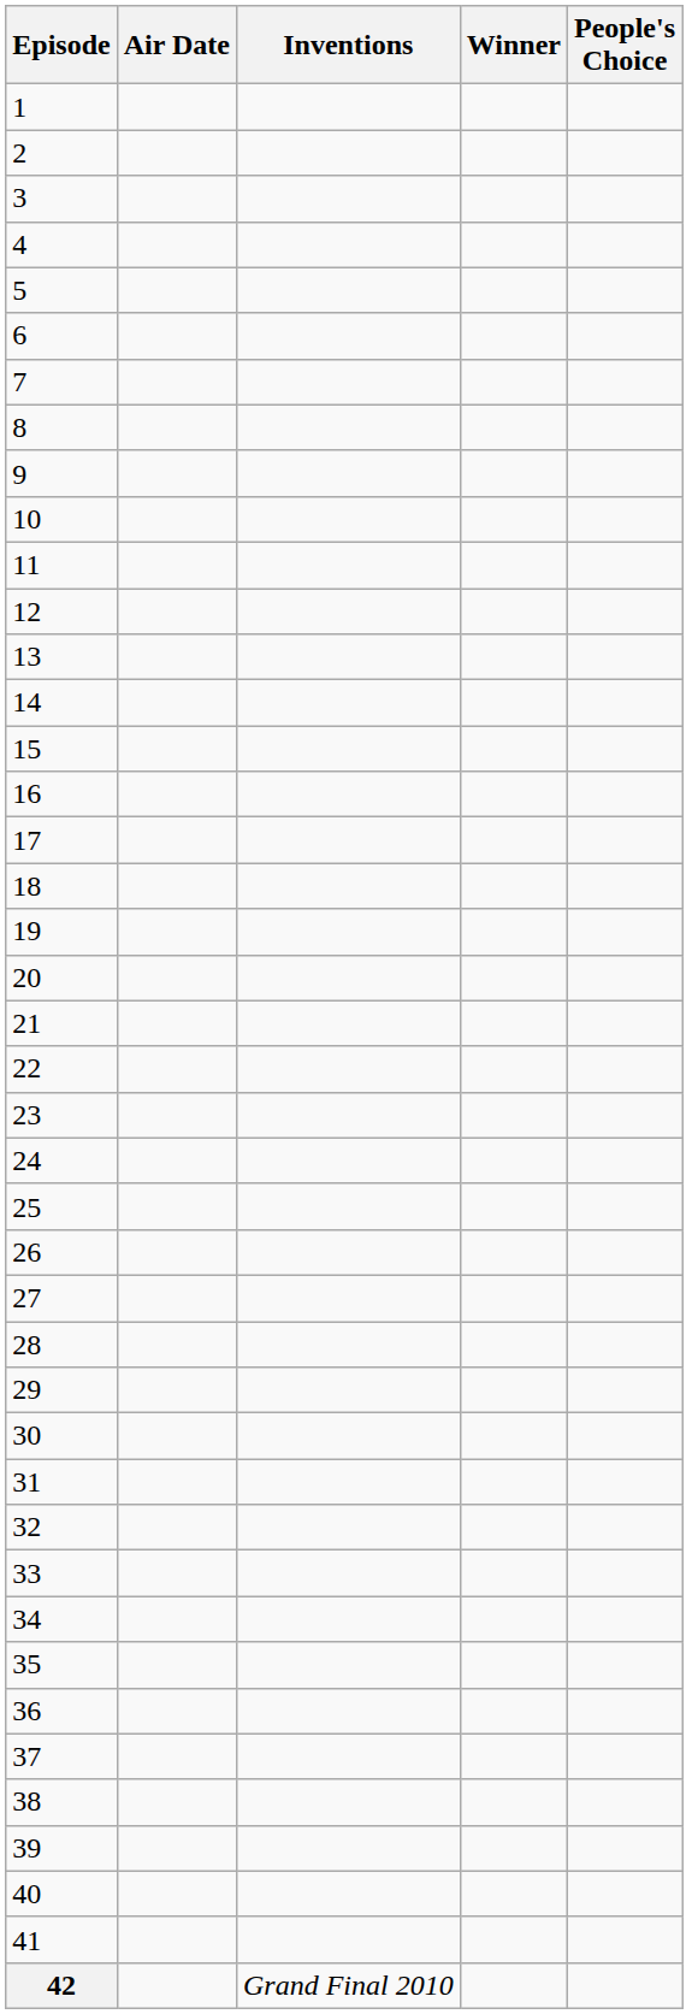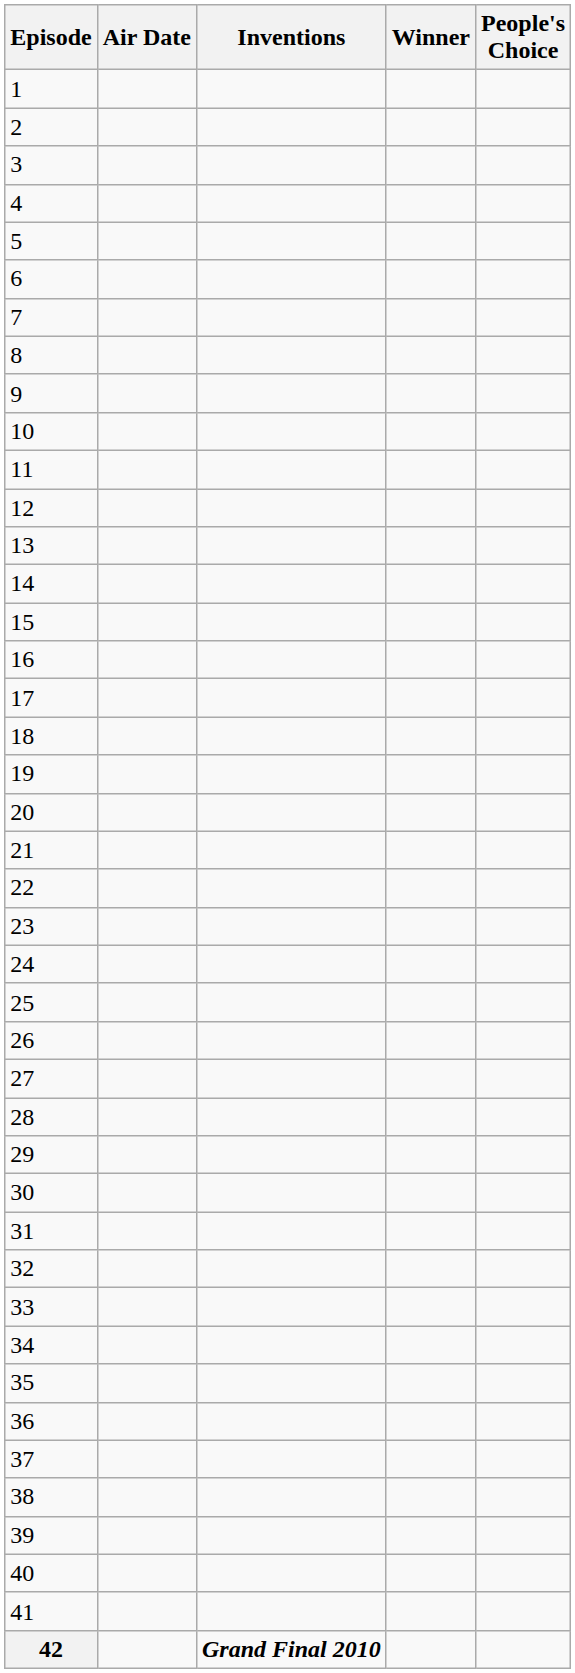 <table class="wikitable">
 <tr>
 <th>Episode</th>
 <th>Air Date</th>
 <th>Inventions</th>
 <th>Winner</th>
 <th>People's<br>Choice</th>
 </tr>
 <tr>
 <td>1</td>
 <td></td>
 <td></td>
 <td></td>
 <td></td>
 </tr>
 <tr>
 <td>2</td>
 <td></td>
 <td></td>
 <td></td>
 <td></td>
 </tr>
 <tr>
 <td>3</td>
 <td></td>
 <td></td>
 <td></td>
 <td></td>
 </tr>
 <tr>
 <td>4</td>
 <td></td>
 <td></td>
 <td></td>
 <td></td>
 </tr>
 <tr>
 <td>5</td>
 <td></td>
 <td></td>
 <td></td>
 <td></td>
 </tr>
 <tr>
 <td>6</td>
 <td></td>
 <td></td>
 <td></td>
 <td></td>
 </tr>
 <tr>
 <td>7</td>
 <td></td>
 <td></td>
 <td></td>
 <td></td>
 </tr>
 <tr>
 <td>8</td>
 <td></td>
 <td></td>
 <td></td>
 <td></td>
 </tr>
 <tr>
 <td>9</td>
 <td></td>
 <td></td>
 <td></td>
 <td></td>
 </tr>
 <tr>
 <td>10</td>
 <td></td>
 <td></td>
 <td></td>
 <td></td>
 </tr>
 <tr>
 <td>11</td>
 <td></td>
 <td></td>
 <td></td>
 <td></td>
 </tr>
 <tr>
 <td>12</td>
 <td></td>
 <td></td>
 <td></td>
 <td></td>
 </tr>
 <tr>
 <td>13</td>
 <td></td>
 <td></td>
 <td></td>
 <td></td>
 </tr>
 <tr>
 <td>14</td>
 <td></td>
 <td></td>
 <td></td>
 <td></td>
 </tr>
 <tr>
 <td>15</td>
 <td></td>
 <td></td>
 <td></td>
 <td></td>
 </tr>
 <tr>
 <td>16</td>
 <td></td>
 <td></td>
 <td></td>
 <td></td>
 </tr>
 <tr>
 <td>17</td>
 <td></td>
 <td></td>
 <td></td>
 <td></td>
 </tr>
 <tr>
 <td>18</td>
 <td></td>
 <td></td>
 <td></td>
 <td></td>
 </tr>
 <tr>
 <td>19</td>
 <td></td>
 <td></td>
 <td></td>
 <td></td>
 </tr>
 <tr>
 <td>20</td>
 <td></td>
 <td></td>
 <td></td>
 <td></td>
 </tr>
 <tr>
 <td>21</td>
 <td></td>
 <td></td>
 <td></td>
 <td></td>
 </tr>
 <tr>
 <td>22</td>
 <td></td>
 <td></td>
 <td></td>
 <td></td>
 </tr>
 <tr>
 <td>23</td>
 <td></td>
 <td></td>
 <td></td>
 <td></td>
 </tr>
 <tr>
 <td>24</td>
 <td></td>
 <td></td>
 <td></td>
 <td></td>
 </tr>
 <tr>
 <td>25</td>
 <td></td>
 <td></td>
 <td></td>
 <td></td>
 </tr>
 <tr>
 <td>26</td>
 <td></td>
 <td></td>
 <td></td>
 <td></td>
 </tr>
 <tr>
 <td>27</td>
 <td></td>
 <td></td>
 <td></td>
 <td></td>
 </tr>
 <tr>
 <td>28</td>
 <td></td>
 <td></td>
 <td></td>
 <td></td>
 </tr>
 <tr>
 <td>29</td>
 <td></td>
 <td></td>
 <td></td>
 <td></td>
 </tr>
 <tr>
 <td>30</td>
 <td></td>
 <td></td>
 <td></td>
 <td></td>
 </tr>
 <tr>
 <td>31</td>
 <td></td>
 <td></td>
 <td></td>
 <td></td>
 </tr>
 <tr>
 <td>32</td>
 <td></td>
 <td></td>
 <td></td>
 <td></td>
 </tr>
 <tr>
 <td>33</td>
 <td></td>
 <td></td>
 <td></td>
 <td></td>
 </tr>
 <tr>
 <td>34</td>
 <td></td>
 <td></td>
 <td></td>
 <td></td>
 </tr>
 <tr>
 <td>35</td>
 <td></td>
 <td></td>
 <td></td>
 <td></td>
 </tr>
 <tr>
 <td>36</td>
 <td></td>
 <td></td>
 <td></td>
 <td></td>
 </tr>
 <tr>
 <td>37</td>
 <td></td>
 <td></td>
 <td></td>
 <td></td>
 </tr>
 <tr>
 <td>38</td>
 <td></td>
 <td></td>
 <td></td>
 <td></td>
 </tr>
 <tr>
 <td>39</td>
 <td></td>
 <td></td>
 <td></td>
 <td></td>
 </tr>
 <tr>
 <td>40</td>
 <td></td>
 <td></td>
 <td></td>
 <td></td>
 </tr>
 <tr>
 <td>41</td>
 <td></td>
 <td></td>
 <td></td>
 <td></td>
 </tr>
 <tr>
 <th scope=row rowspan=1>42</th>
 <td rowspan=1></td>
-<td><em>Grand Final 2010</em></td>
+<td><strong><em>Grand Final 2010</em></strong></td>
 <td></td>
 <td></td>
 </tr>
 </table>
